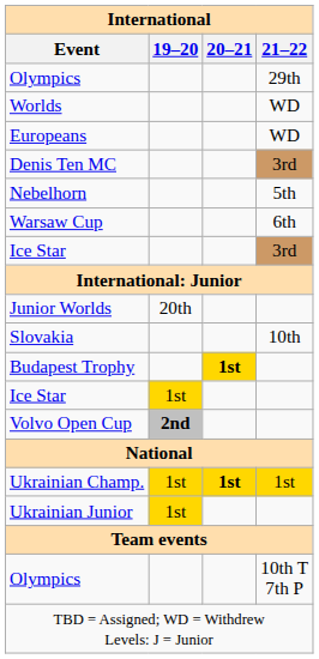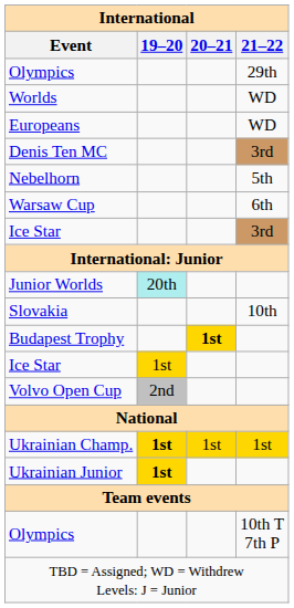 <table class="wikitable" style="text-align:center">
 <tr>
 <th style="background-color: #ffdead; " colspan=4 align=center>International</th>
 </tr>
 <tr>
 <th>Event</th>
 <th><a href='#'>19–20</a></th>
 <th><a href='#'>20–21</a></th>
 <th><a href='#'>21–22</a></th>
 </tr>
 <tr>
 <td align=left><a href='#'>Olympics</a></td>
 <td></td>
 <td></td>
 <td>29th</td>
 </tr>
 <tr>
 <td align=left><a href='#'>Worlds</a></td>
 <td></td>
 <td></td>
 <td>WD</td>
 </tr>
 <tr>
 <td align=left><a href='#'>Europeans</a></td>
 <td></td>
 <td></td>
 <td>WD</td>
 </tr>
 <tr>
 <td align=left> <a href='#'>Denis Ten MC</a></td>
 <td></td>
 <td></td>
 <td bgcolor=cc9966>3rd</td>
 </tr>
 <tr>
 <td align=left> <a href='#'>Nebelhorn</a></td>
 <td></td>
 <td></td>
 <td>5th</td>
 </tr>
 <tr>
 <td align=left> <a href='#'>Warsaw Cup</a></td>
 <td></td>
 <td></td>
 <td>6th</td>
 </tr>
 <tr>
 <td align=left><a href='#'>Ice Star</a></td>
 <td></td>
 <td></td>
 <td bgcolor=cc9966>3rd</td>
 </tr>
 <tr>
 <th style="background-color: #ffdead; " colspan=4 align=center>International: Junior</th>
 </tr>
 <tr>
 <td align=left><a href='#'>Junior Worlds</a></td>
-<td>20th</td>
+<td style="background: paleturquoise;">20th</td>
 <td></td>
 <td></td>
 </tr>
 <tr>
 <td align=left> <a href='#'>Slovakia</a></td>
 <td></td>
 <td></td>
 <td>10th</td>
 </tr>
 <tr>
 <td align=left><a href='#'>Budapest Trophy</a></td>
 <td></td>
 <td bgcolor=gold><strong>1st</strong></td>
 <td></td>
 </tr>
 <tr>
 <td align=left><a href='#'>Ice Star</a></td>
 <td bgcolor=gold>1st</td>
 <td></td>
 <td></td>
 </tr>
 <tr>
 <td align=left><a href='#'>Volvo Open Cup</a></td>
-<td bgcolor=silver><strong>2nd</strong></td>
+<td bgcolor=silver>2nd</td>
 <td></td>
 <td></td>
 </tr>
 <tr>
 <th style="background-color: #ffdead; " colspan=4 align=center>National</th>
 </tr>
 <tr>
 <td align=left><a href='#'>Ukrainian Champ.</a></td>
+<td bgcolor=gold><strong>1st</strong></td>
 <td bgcolor=gold>1st</td>
-<td bgcolor=gold><strong>1st</strong></td>
 <td bgcolor=gold>1st</td>
 </tr>
 <tr>
 <td align=left><a href='#'>Ukrainian Junior</a></td>
-<td bgcolor=gold>1st</td>
+<td bgcolor=gold><strong>1st</strong></td>
 <td></td>
 <td></td>
 </tr>
 <tr>
 <th style="background-color: #ffdead; " colspan=7 align=center>Team events</th>
 </tr>
 <tr>
 <td align=left><a href='#'>Olympics</a></td>
 <td></td>
 <td></td>
 <td>10th T <br> 7th P</td>
 </tr>
 <tr>
 <td colspan=4 align=center><small> TBD = Assigned; WD = Withdrew <br> Levels: J = Junior </small></td>
 </tr>
 </table>
